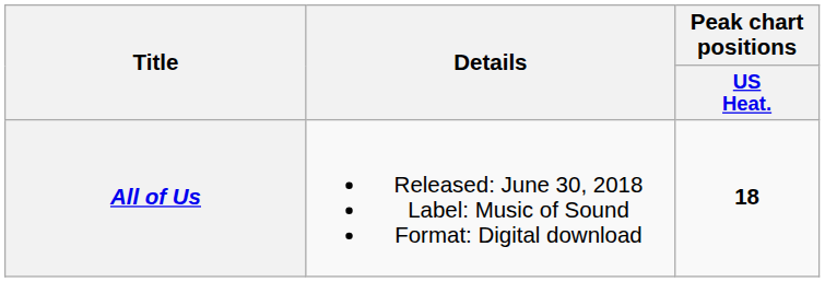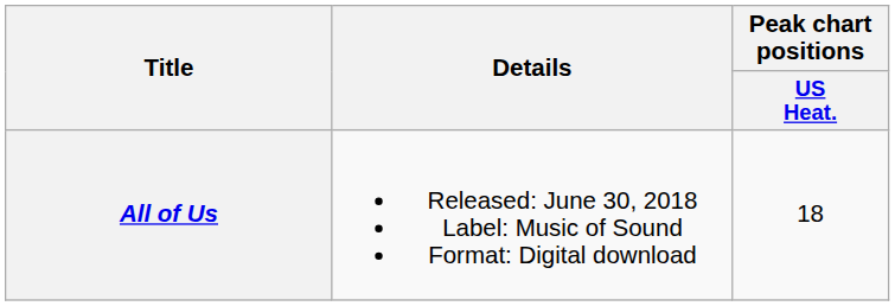 <table class="wikitable plainrowheaders" style="text-align:center;">
 <tr>
 <th scope="col" rowspan="2" style="width:13em;">Title</th>
 <th scope="col" rowspan="2" style="width:16em;">Details</th>
 <th scope="col" style="width:6em;">Peak chart positions</th>
 </tr>
 <tr>
 <th scope="col" style="width:4em;font-size:90%;"><a href='#'>US<br>Heat.</a><br></th>
 </tr>
 <tr>
 <th scope="row"><em><a href='#'>All of Us</a></em></th>
 <td><br><ul><li>Released: June 30, 2018</li><li>Label: Music of Sound</li><li>Format: Digital download</li></ul></td>
-<td><strong>18</strong></td>
+<td>18</td>
 </tr>
 </table>
